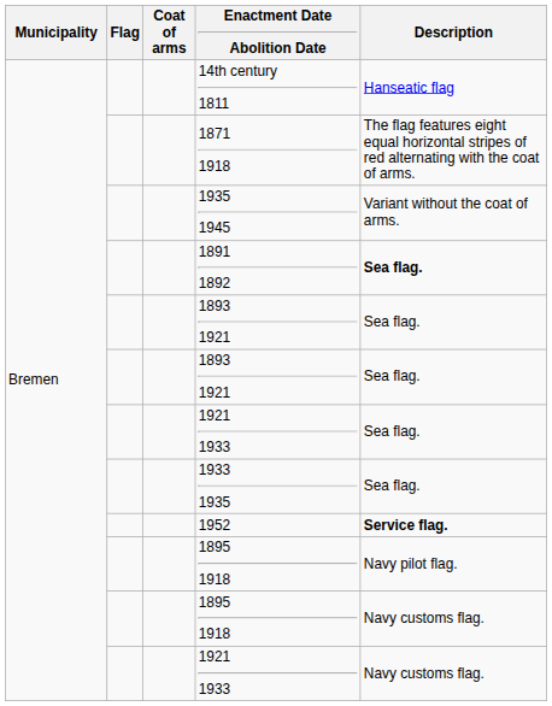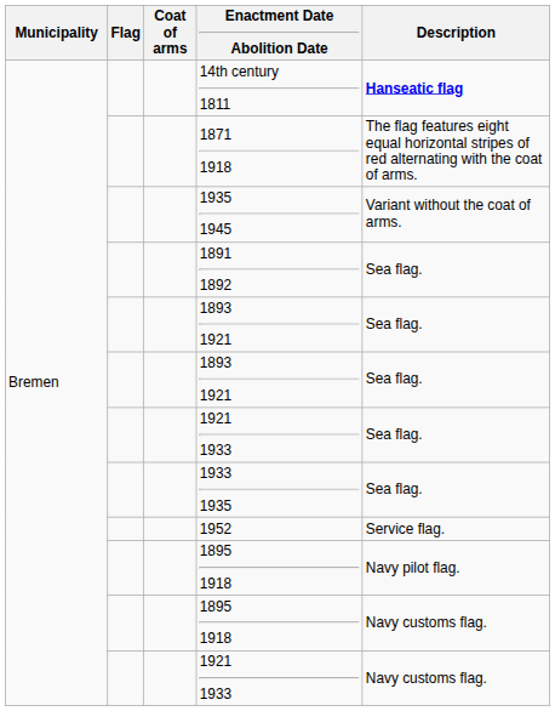 <table class="wikitable">
 <tr>
 <th style="width:12ch;">Municipality</th>
 <th>Flag</th>
 <th>Coat of arms</th>
 <th style="width:20ch;">Enactment Date<hr>Abolition Date</th>
 <th>Description</th>
 </tr>
 <tr>
 <td rowspan="12">Bremen</td>
 <td></td>
 <td></td>
 <td>14th century<hr>1811</td>
-<td><a href='#'>Hanseatic flag</a></td>
+<td><strong><a href='#'>Hanseatic flag</a></strong></td>
 </tr>
 <tr>
 <td></td>
 <td></td>
 <td>1871<hr>1918</td>
 <td>The flag features eight equal horizontal stripes of red alternating with the coat of arms.</td>
 </tr>
 <tr>
 <td></td>
 <td></td>
 <td>1935<hr>1945</td>
 <td>Variant without the coat of arms.</td>
 </tr>
 <tr>
 <td></td>
 <td></td>
 <td>1891<hr>1892</td>
-<td><strong>Sea flag.</strong></td>
+<td>Sea flag.</td>
 </tr>
 <tr>
 <td></td>
 <td></td>
 <td>1893<hr>1921</td>
 <td>Sea flag.</td>
 </tr>
 <tr>
 <td></td>
 <td></td>
 <td>1893<hr>1921</td>
 <td>Sea flag.</td>
 </tr>
 <tr>
 <td></td>
 <td></td>
 <td>1921<hr>1933</td>
 <td>Sea flag.</td>
 </tr>
 <tr>
 <td></td>
 <td></td>
 <td>1933<hr>1935</td>
 <td>Sea flag.</td>
 </tr>
 <tr>
 <td></td>
 <td></td>
 <td>1952</td>
-<td><strong>Service flag.</strong></td>
+<td>Service flag.</td>
 </tr>
 <tr>
 <td></td>
 <td></td>
 <td>1895<hr>1918</td>
 <td>Navy pilot flag.</td>
 </tr>
 <tr>
 <td></td>
 <td></td>
 <td>1895<hr>1918</td>
 <td>Navy customs flag.</td>
 </tr>
 <tr>
 <td></td>
 <td></td>
 <td>1921<hr>1933</td>
 <td>Navy customs flag.</td>
 </tr>
 </table>
